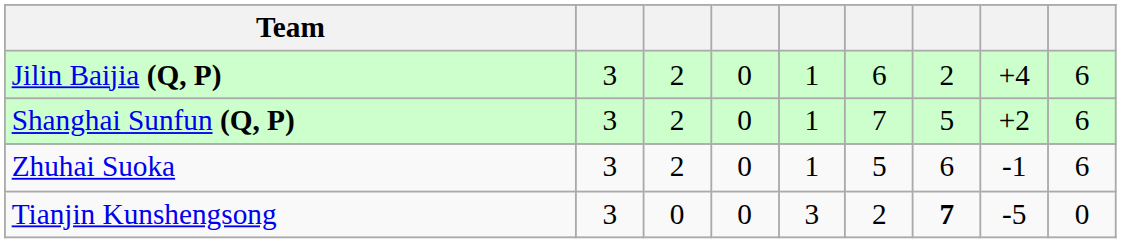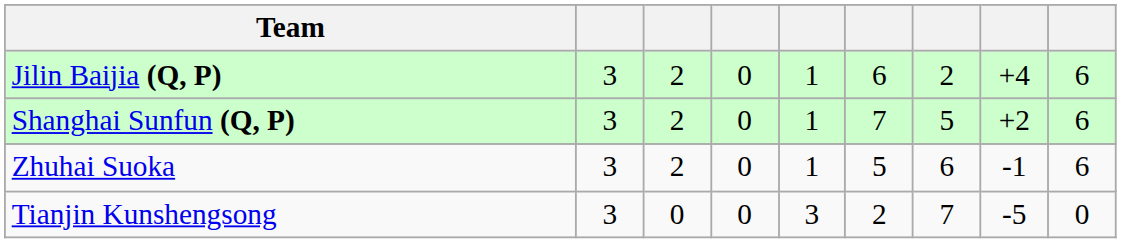 <table class="wikitable" style="text-align:center;">
 <tr>
 <th width=310>Team</th>
 <th width=30></th>
 <th width=30></th>
 <th width=30></th>
 <th width=30></th>
 <th width=30></th>
 <th width=30></th>
 <th width=30></th>
 <th width=30></th>
 </tr>
 <tr bgcolor="#ccffcc">
 <td align="left"><a href='#'>Jilin Baijia</a> <strong>(Q, P)</strong></td>
 <td>3</td>
 <td>2</td>
 <td>0</td>
 <td>1</td>
 <td>6</td>
 <td>2</td>
 <td>+4</td>
 <td>6</td>
 </tr>
 <tr bgcolor="#ccffcc">
 <td align="left"><a href='#'>Shanghai Sunfun</a> <strong>(Q, P)</strong></td>
 <td>3</td>
 <td>2</td>
 <td>0</td>
 <td>1</td>
 <td>7</td>
 <td>5</td>
 <td>+2</td>
 <td>6</td>
 </tr>
 <tr>
 <td align="left"><a href='#'>Zhuhai Suoka</a></td>
 <td>3</td>
 <td>2</td>
 <td>0</td>
 <td>1</td>
 <td>5</td>
 <td>6</td>
 <td>-1</td>
 <td>6</td>
 </tr>
 <tr>
 <td align="left"><a href='#'>Tianjin Kunshengsong</a></td>
 <td>3</td>
 <td>0</td>
 <td>0</td>
 <td>3</td>
 <td>2</td>
-<td><strong>7</strong></td>
+<td>7</td>
 <td>-5</td>
 <td>0</td>
 </tr>
 </table>
